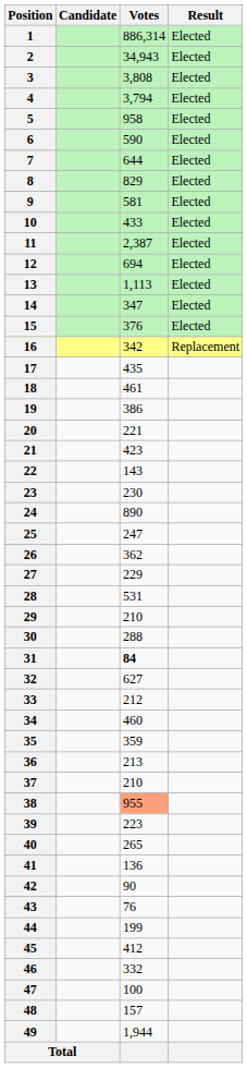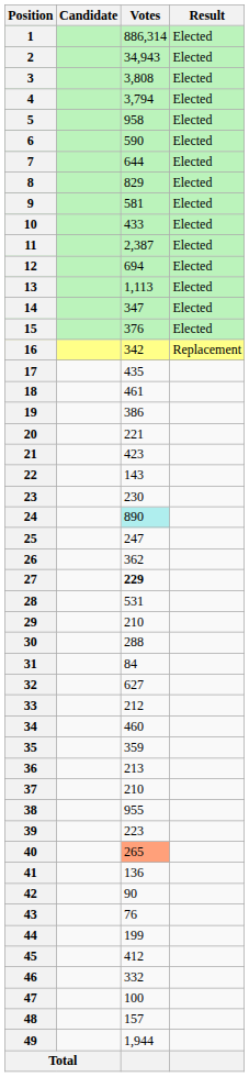 <table class="wikitable sortable col3right">
 <tr>
 <th scope="col">Position</th>
 <th scope="col">Candidate</th>
 <th scope="col">Votes</th>
 <th scope="col">Result</th>
 </tr>
 <tr bgcolor=bbf3bb>
 <th scope="row">1</th>
 <td></td>
 <td>886,314</td>
 <td>Elected</td>
 </tr>
 <tr bgcolor=bbf3bb>
 <th scope="row">2</th>
 <td></td>
 <td>34,943</td>
 <td>Elected</td>
 </tr>
 <tr bgcolor=bbf3bb>
 <th scope="row">3</th>
 <td></td>
 <td>3,808</td>
 <td>Elected</td>
 </tr>
 <tr bgcolor=bbf3bb>
 <th scope="row">4</th>
 <td></td>
 <td>3,794</td>
 <td>Elected</td>
 </tr>
 <tr bgcolor=bbf3bb>
 <th scope="row">5</th>
 <td></td>
 <td>958</td>
 <td>Elected</td>
 </tr>
 <tr bgcolor=bbf3bb>
 <th scope="row">6</th>
 <td></td>
 <td>590</td>
 <td>Elected</td>
 </tr>
 <tr bgcolor=bbf3bb>
 <th scope="row">7</th>
 <td></td>
 <td>644</td>
 <td>Elected</td>
 </tr>
 <tr bgcolor=bbf3bb>
 <th scope="row">8</th>
 <td></td>
 <td>829</td>
 <td>Elected</td>
 </tr>
 <tr bgcolor=bbf3bb>
 <th scope="row">9</th>
 <td></td>
 <td>581</td>
 <td>Elected</td>
 </tr>
 <tr bgcolor=bbf3bb>
 <th scope="row">10</th>
 <td></td>
 <td>433</td>
 <td>Elected</td>
 </tr>
 <tr bgcolor=bbf3bb>
 <th scope="row">11</th>
 <td></td>
 <td>2,387</td>
 <td>Elected</td>
 </tr>
 <tr bgcolor=bbf3bb>
 <th scope="row">12</th>
 <td></td>
 <td>694</td>
 <td>Elected</td>
 </tr>
 <tr bgcolor=bbf3bb>
 <th scope="row">13</th>
 <td></td>
 <td>1,113</td>
 <td>Elected</td>
 </tr>
 <tr bgcolor=bbf3bb>
 <th scope="row">14</th>
 <td></td>
 <td>347</td>
 <td>Elected</td>
 </tr>
 <tr bgcolor=bbf3bb>
 <th scope="row">15</th>
 <td></td>
 <td>376</td>
 <td>Elected</td>
 </tr>
 <tr bgcolor=#FF8>
 <th scope="row">16</th>
 <td></td>
 <td>342</td>
 <td>Replacement</td>
 </tr>
 <tr>
 <th scope="row">17</th>
 <td></td>
 <td>435</td>
 <td></td>
 </tr>
 <tr>
 <th scope="row">18</th>
 <td></td>
 <td>461</td>
 <td></td>
 </tr>
 <tr>
 <th scope="row">19</th>
 <td></td>
 <td>386</td>
 <td></td>
 </tr>
 <tr>
 <th scope="row">20</th>
 <td></td>
 <td>221</td>
 <td></td>
 </tr>
 <tr>
 <th scope="row">21</th>
 <td></td>
 <td>423</td>
 <td></td>
 </tr>
 <tr>
 <th scope="row">22</th>
 <td></td>
 <td>143</td>
 <td></td>
 </tr>
 <tr>
 <th scope="row">23</th>
 <td></td>
 <td>230</td>
 <td></td>
 </tr>
 <tr>
 <th scope="row">24</th>
 <td></td>
-<td>890</td>
+<td style="background: paleturquoise;">890</td>
 <td></td>
 </tr>
 <tr>
 <th scope="row">25</th>
 <td></td>
 <td>247</td>
 <td></td>
 </tr>
 <tr>
 <th scope="row">26</th>
 <td></td>
 <td>362</td>
 <td></td>
 </tr>
 <tr>
 <th scope="row">27</th>
 <td></td>
-<td>229</td>
+<td><strong>229</strong></td>
 <td></td>
 </tr>
 <tr>
 <th scope="row">28</th>
 <td></td>
 <td>531</td>
 <td></td>
 </tr>
 <tr>
 <th scope="row">29</th>
 <td></td>
 <td>210</td>
 <td></td>
 </tr>
 <tr>
 <th scope="row">30</th>
 <td></td>
 <td>288</td>
 <td></td>
 </tr>
 <tr>
 <th scope="row">31</th>
 <td></td>
-<td><strong>84</strong></td>
+<td>84</td>
 <td></td>
 </tr>
 <tr>
 <th scope="row">32</th>
 <td></td>
 <td>627</td>
 <td></td>
 </tr>
 <tr>
 <th scope="row">33</th>
 <td></td>
 <td>212</td>
 <td></td>
 </tr>
 <tr>
 <th scope="row">34</th>
 <td></td>
 <td>460</td>
 <td></td>
 </tr>
 <tr>
 <th scope="row">35</th>
 <td></td>
 <td>359</td>
 <td></td>
 </tr>
 <tr>
 <th scope="row">36</th>
 <td></td>
 <td>213</td>
 <td></td>
 </tr>
 <tr>
 <th scope="row">37</th>
 <td></td>
 <td>210</td>
 <td></td>
 </tr>
 <tr>
 <th scope="row">38</th>
 <td></td>
-<td style="background: lightsalmon;">955</td>
+<td>955</td>
 <td></td>
 </tr>
 <tr>
 <th scope="row">39</th>
 <td></td>
 <td>223</td>
 <td></td>
 </tr>
 <tr>
 <th scope="row">40</th>
 <td></td>
-<td>265</td>
+<td style="background: lightsalmon;">265</td>
 <td></td>
 </tr>
 <tr>
 <th scope="row">41</th>
 <td></td>
 <td>136</td>
 <td></td>
 </tr>
 <tr>
 <th scope="row">42</th>
 <td></td>
 <td>90</td>
 <td></td>
 </tr>
 <tr>
 <th scope="row">43</th>
 <td></td>
 <td>76</td>
 <td></td>
 </tr>
 <tr>
 <th scope="row">44</th>
 <td></td>
 <td>199</td>
 <td></td>
 </tr>
 <tr>
 <th scope="row">45</th>
 <td></td>
 <td>412</td>
 <td></td>
 </tr>
 <tr>
 <th scope="row">46</th>
 <td></td>
 <td>332</td>
 <td></td>
 </tr>
 <tr>
 <th scope="row">47</th>
 <td></td>
 <td>100</td>
 <td></td>
 </tr>
 <tr>
 <th scope="row">48</th>
 <td></td>
 <td>157</td>
 <td></td>
 </tr>
 <tr>
 <th scope="row">49</th>
 <td></td>
 <td>1,944</td>
 <td></td>
 </tr>
 <tr class="sortbottom">
 <th scope="row" colspan="2">Total</th>
 <th></th>
 <th></th>
 </tr>
 </table>
